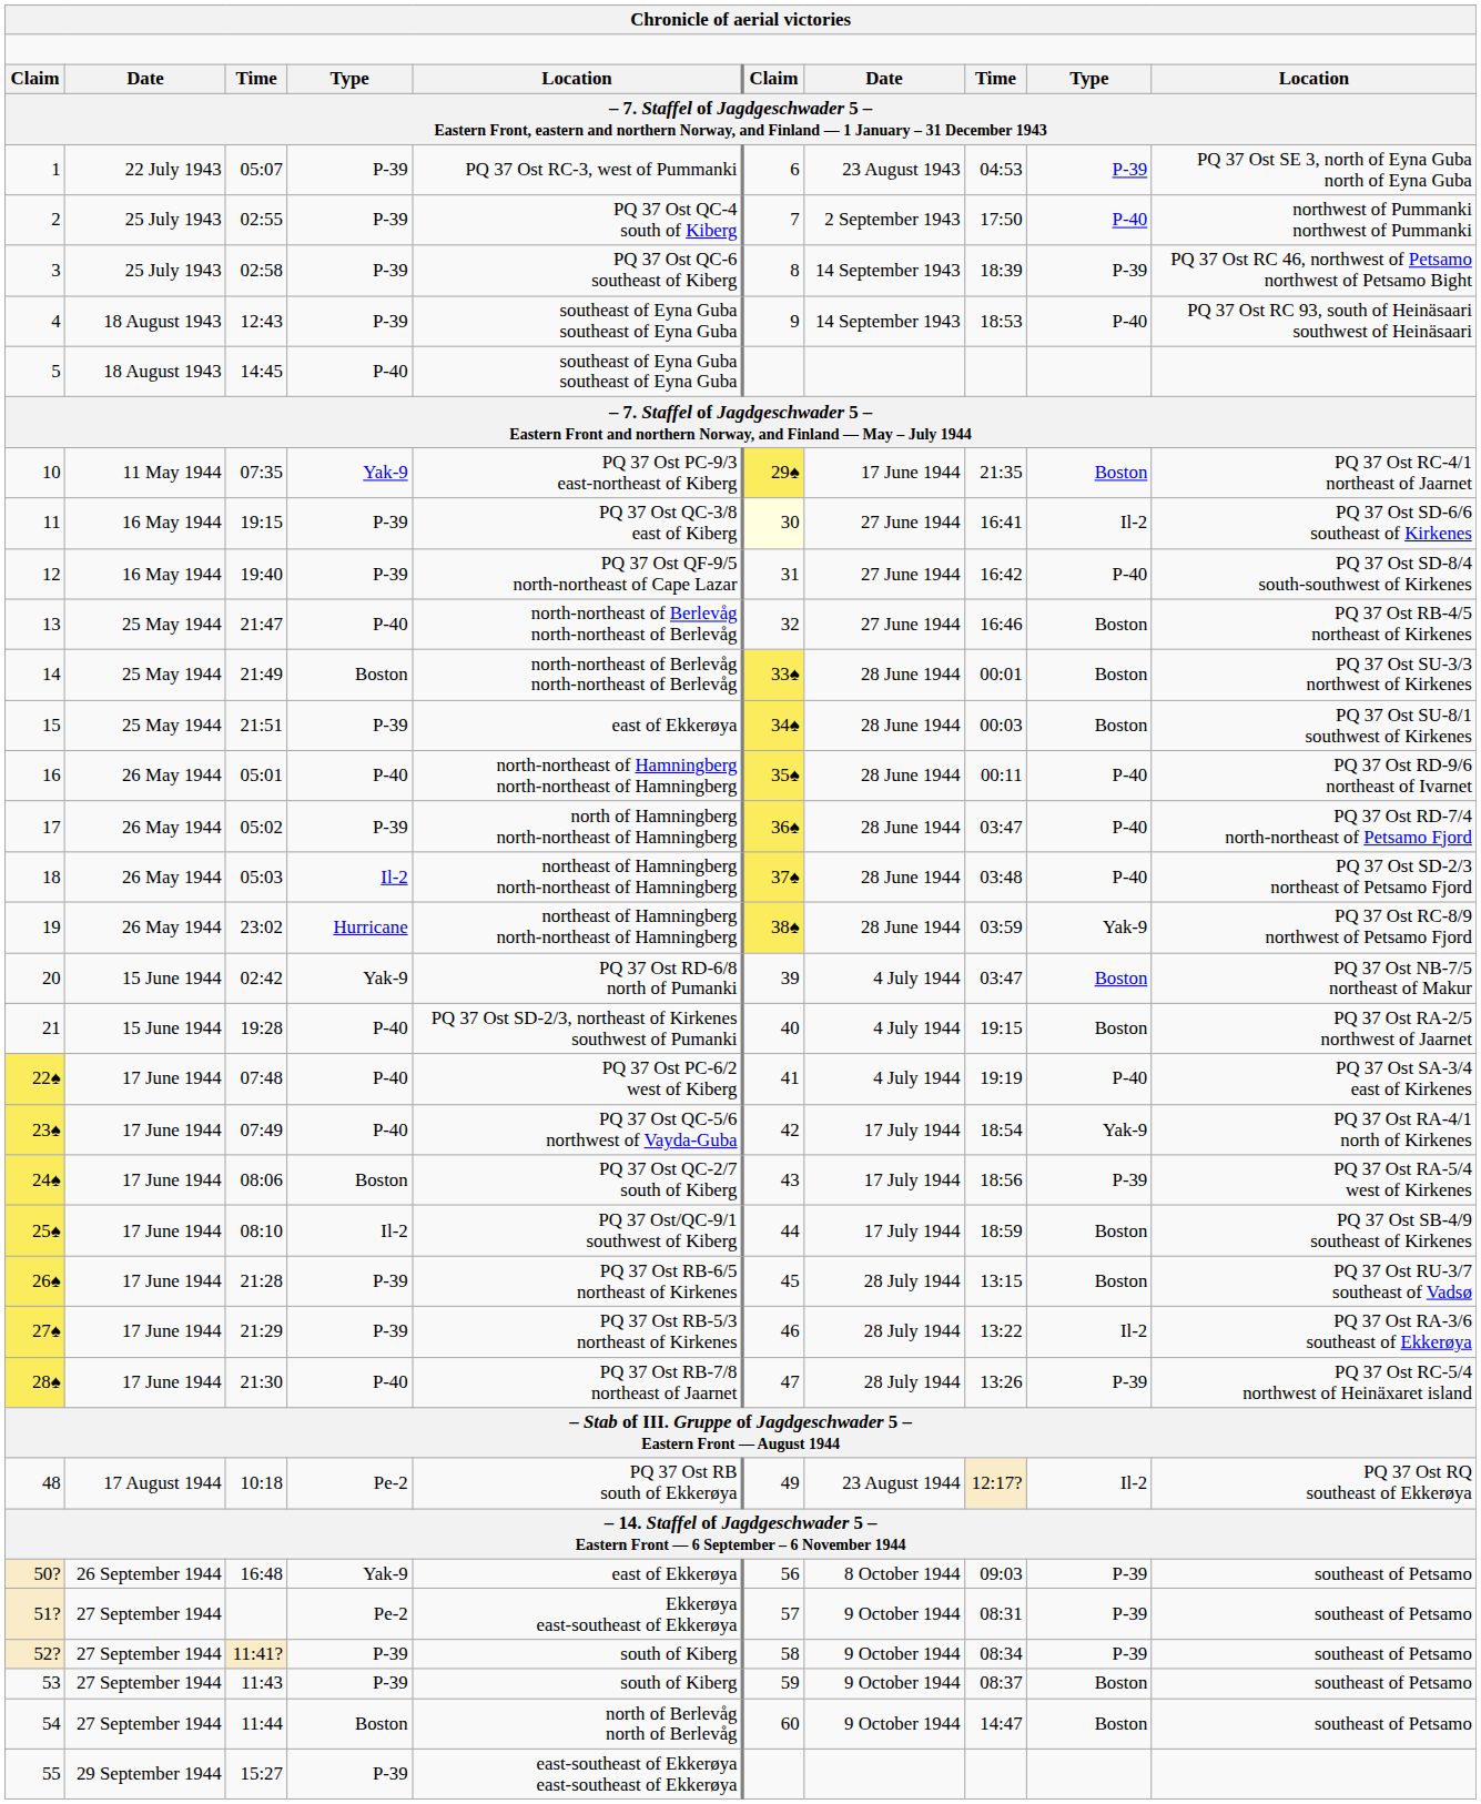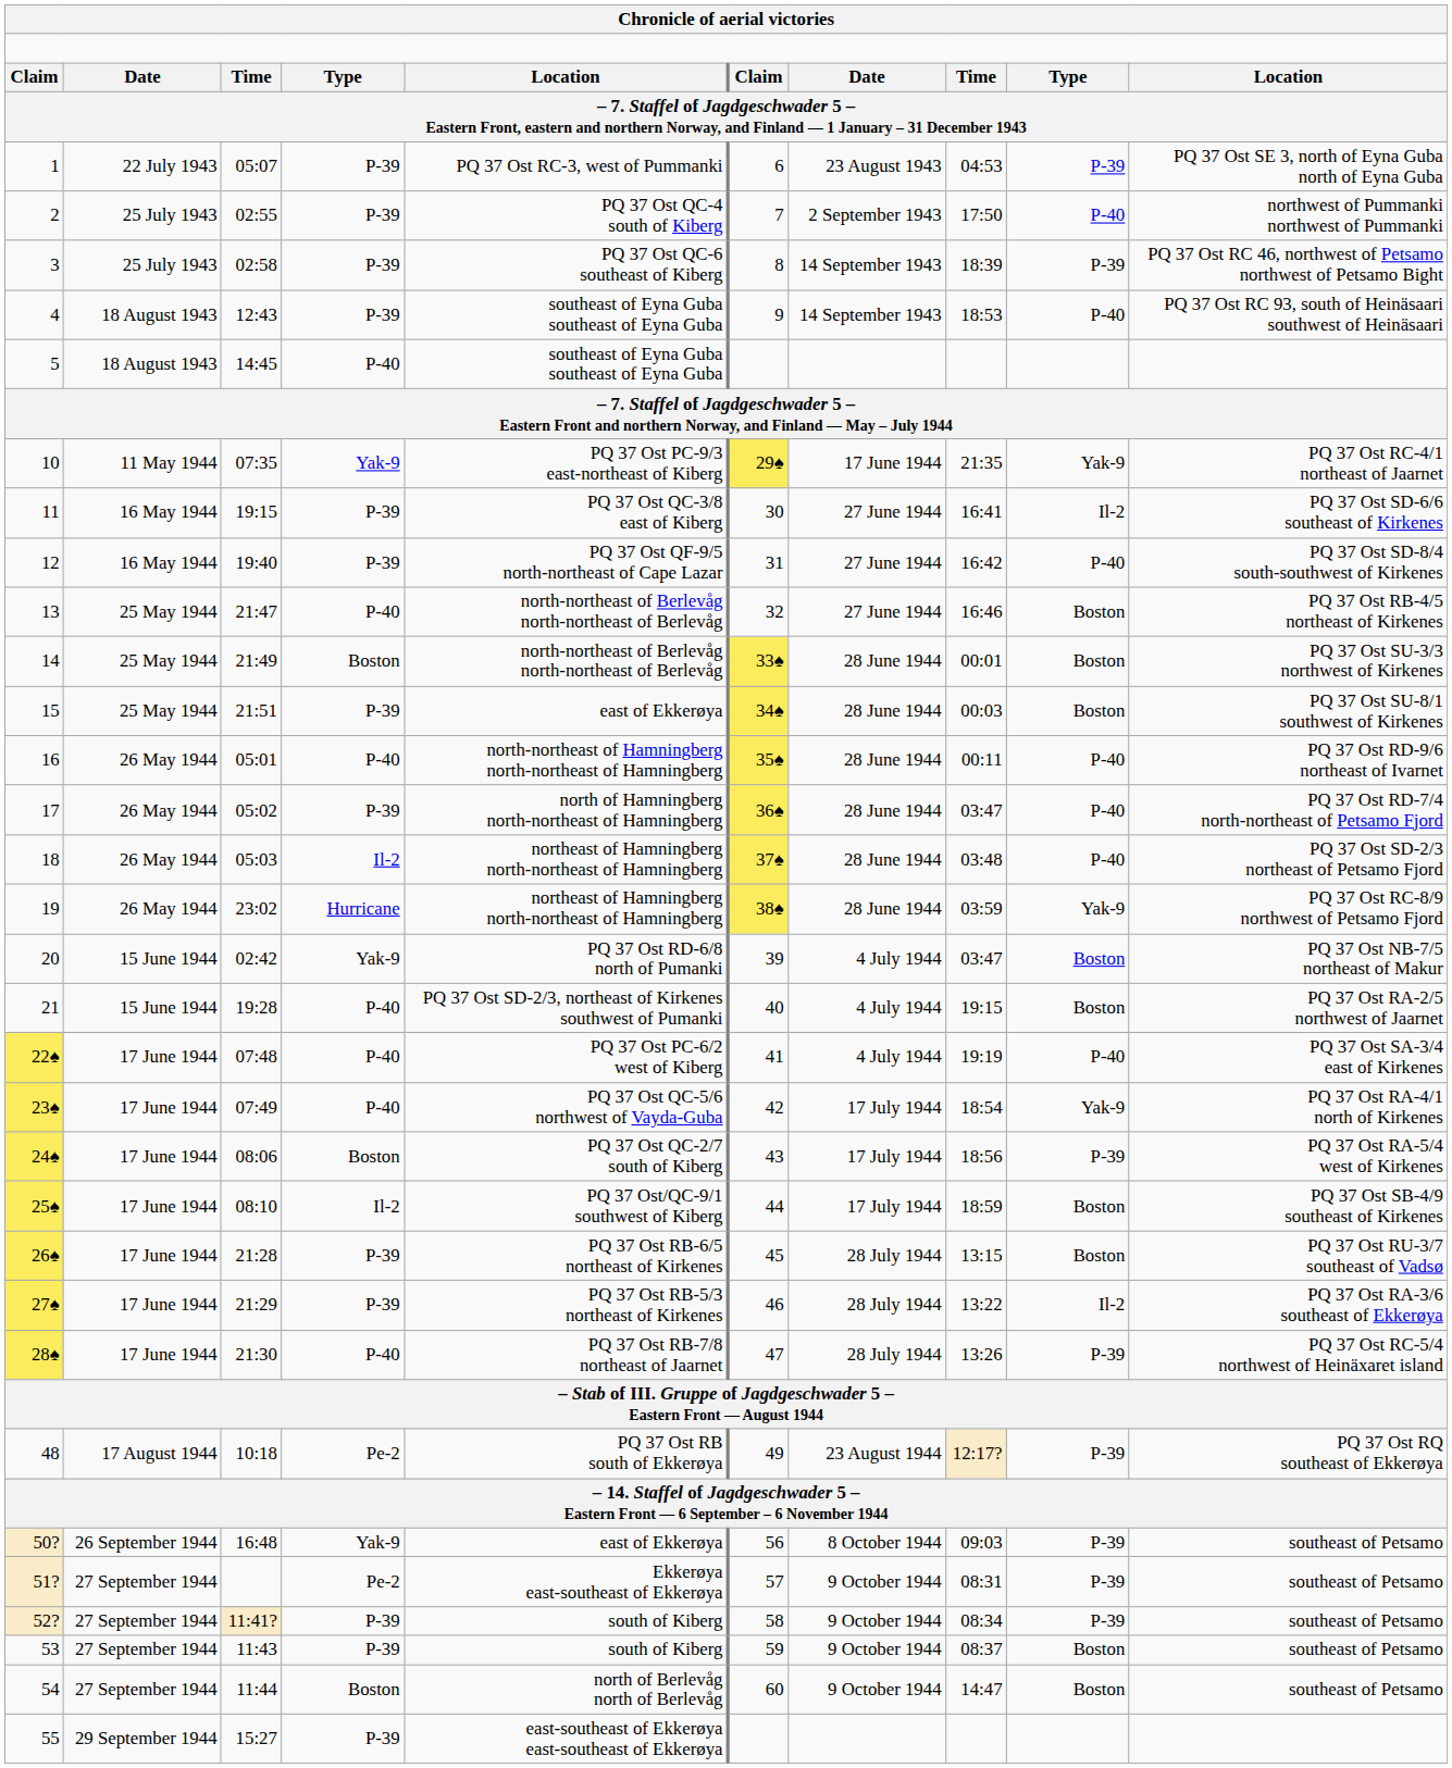 <table class="wikitable plainrowheaders collapsible" style="margin-left: auto; margin-right: auto; border: none; text-align:right; width: 100%;">
 <tr>
 <th colspan="10">Chronicle of aerial victories</th>
 </tr>
 <tr>
 <td colspan="10" style="text-align: left;"><br> </td>
 </tr>
 <tr>
 <th scope="col">Claim</th>
 <th scope="col">Date</th>
 <th scope="col">Time</th>
 <th scope="col" width="100px">Type</th>
 <th scope="col">Location</th>
 <th scope="col" style="border-left: 3px solid grey;">Claim</th>
 <th scope="col">Date</th>
 <th scope="col">Time</th>
 <th scope="col" width="100px">Type</th>
 <th scope="col">Location</th>
 </tr>
 <tr>
 <th colspan="10">– 7. <em>Staffel</em> of <em>Jagdgeschwader</em> 5 –<br><small>Eastern Front, eastern and northern Norway, and Finland — 1 January – 31 December 1943</small></th>
 </tr>
 <tr>
 <td>1</td>
 <td>22 July 1943</td>
 <td>05:07</td>
 <td>P-39</td>
 <td>PQ 37 Ost RC-3,  west of Pummanki</td>
 <td style="border-left: 3px solid grey;">6</td>
 <td>23 August 1943</td>
 <td>04:53</td>
 <td><a href='#'>P-39</a></td>
 <td>PQ 37 Ost SE 3, north of Eyna Guba<br> north of Eyna Guba</td>
 </tr>
 <tr>
 <td>2</td>
 <td>25 July 1943</td>
 <td>02:55</td>
 <td>P-39</td>
 <td>PQ 37 Ost QC-4<br> south of <a href='#'>Kiberg</a></td>
 <td style="border-left: 3px solid grey;">7</td>
 <td>2 September 1943</td>
 <td>17:50</td>
 <td><a href='#'>P-40</a></td>
 <td>northwest of Pummanki<br> northwest of Pummanki</td>
 </tr>
 <tr>
 <td>3</td>
 <td>25 July 1943</td>
 <td>02:58</td>
 <td>P-39</td>
 <td>PQ 37 Ost QC-6<br> southeast of Kiberg</td>
 <td style="border-left: 3px solid grey;">8</td>
 <td>14 September 1943</td>
 <td>18:39</td>
 <td>P-39</td>
 <td>PQ 37 Ost RC 46, northwest of <a href='#'>Petsamo</a><br> northwest of Petsamo Bight</td>
 </tr>
 <tr>
 <td>4</td>
 <td>18 August 1943</td>
 <td>12:43</td>
 <td>P-39</td>
 <td>southeast of Eyna Guba<br> southeast of Eyna Guba</td>
 <td style="border-left: 3px solid grey;">9</td>
 <td>14 September 1943</td>
 <td>18:53</td>
 <td>P-40</td>
 <td>PQ 37 Ost RC 93, south of Heinäsaari<br> southwest of Heinäsaari</td>
 </tr>
 <tr>
 <td>5</td>
 <td>18 August 1943</td>
 <td>14:45</td>
 <td>P-40</td>
 <td>southeast of Eyna Guba<br> southeast of Eyna Guba</td>
 <td style="border-left: 3px solid grey;"></td>
 <td></td>
 <td></td>
 <td></td>
 <td></td>
 </tr>
 <tr>
 <th colspan="10">– 7. <em>Staffel</em> of <em>Jagdgeschwader</em> 5 –<br><small>Eastern Front and northern Norway, and Finland — May – July 1944</small></th>
 </tr>
 <tr>
 <td>10</td>
 <td>11 May 1944</td>
 <td>07:35</td>
 <td><a href='#'>Yak-9</a></td>
 <td>PQ 37 Ost PC-9/3<br> east-northeast of Kiberg</td>
 <td style="border-left: 3px solid grey; background:#fbec5d;">29♠</td>
 <td>17 June 1944</td>
 <td>21:35</td>
-<td><a href='#'>Boston</a></td>
+<td>Yak-9</td>
 <td>PQ 37 Ost RC-4/1<br> northeast of Jaarnet</td>
 </tr>
 <tr>
 <td>11</td>
 <td>16 May 1944</td>
 <td>19:15</td>
 <td>P-39</td>
 <td>PQ 37 Ost QC-3/8<br> east of Kiberg</td>
-<td style="background: lightyellow; border-left: 3px solid grey;">30</td>
+<td style="border-left: 3px solid grey;">30</td>
 <td>27 June 1944</td>
 <td>16:41</td>
 <td>Il-2</td>
 <td>PQ 37 Ost SD-6/6<br> southeast of <a href='#'>Kirkenes</a></td>
 </tr>
 <tr>
 <td>12</td>
 <td>16 May 1944</td>
 <td>19:40</td>
 <td>P-39</td>
 <td>PQ 37 Ost QF-9/5<br> north-northeast of Cape Lazar</td>
 <td style="border-left: 3px solid grey;">31</td>
 <td>27 June 1944</td>
 <td>16:42</td>
 <td>P-40</td>
 <td>PQ 37 Ost SD-8/4<br> south-southwest of Kirkenes</td>
 </tr>
 <tr>
 <td>13</td>
 <td>25 May 1944</td>
 <td>21:47</td>
 <td>P-40</td>
 <td>north-northeast of <a href='#'>Berlevåg</a><br> north-northeast of Berlevåg</td>
 <td style="border-left: 3px solid grey;">32</td>
 <td>27 June 1944</td>
 <td>16:46</td>
 <td>Boston</td>
 <td>PQ 37 Ost RB-4/5<br> northeast of Kirkenes</td>
 </tr>
 <tr>
 <td>14</td>
 <td>25 May 1944</td>
 <td>21:49</td>
 <td>Boston</td>
 <td>north-northeast of Berlevåg<br> north-northeast of Berlevåg</td>
 <td style="border-left: 3px solid grey; background:#fbec5d;">33♠</td>
 <td>28 June 1944</td>
 <td>00:01</td>
 <td>Boston</td>
 <td>PQ 37 Ost SU-3/3<br> northwest of Kirkenes</td>
 </tr>
 <tr>
 <td>15</td>
 <td>25 May 1944</td>
 <td>21:51</td>
 <td>P-39</td>
 <td> east of Ekkerøya</td>
 <td style="border-left: 3px solid grey; background:#fbec5d;">34♠</td>
 <td>28 June 1944</td>
 <td>00:03</td>
 <td>Boston</td>
 <td>PQ 37 Ost SU-8/1<br> southwest of Kirkenes</td>
 </tr>
 <tr>
 <td>16</td>
 <td>26 May 1944</td>
 <td>05:01</td>
 <td>P-40</td>
 <td>north-northeast of <a href='#'>Hamningberg</a><br> north-northeast of Hamningberg</td>
 <td style="border-left: 3px solid grey; background:#fbec5d;">35♠</td>
 <td>28 June 1944</td>
 <td>00:11</td>
 <td>P-40</td>
 <td>PQ 37 Ost RD-9/6<br> northeast of Ivarnet</td>
 </tr>
 <tr>
 <td>17</td>
 <td>26 May 1944</td>
 <td>05:02</td>
 <td>P-39</td>
 <td>north of Hamningberg<br> north-northeast of Hamningberg</td>
 <td style="border-left: 3px solid grey; background:#fbec5d;">36♠</td>
 <td>28 June 1944</td>
 <td>03:47</td>
 <td>P-40</td>
 <td>PQ 37 Ost RD-7/4<br> north-northeast of <a href='#'>Petsamo Fjord</a></td>
 </tr>
 <tr>
 <td>18</td>
 <td>26 May 1944</td>
 <td>05:03</td>
 <td><a href='#'>Il-2</a></td>
 <td>northeast of Hamningberg<br> north-northeast of Hamningberg</td>
 <td style="border-left: 3px solid grey; background:#fbec5d;">37♠</td>
 <td>28 June 1944</td>
 <td>03:48</td>
 <td>P-40</td>
 <td>PQ 37 Ost SD-2/3<br> northeast of Petsamo Fjord</td>
 </tr>
 <tr>
 <td>19</td>
 <td>26 May 1944</td>
 <td>23:02</td>
 <td><a href='#'>Hurricane</a></td>
 <td>northeast of Hamningberg<br> north-northeast of Hamningberg</td>
 <td style="border-left: 3px solid grey; background:#fbec5d;">38♠</td>
 <td>28 June 1944</td>
 <td>03:59</td>
 <td>Yak-9</td>
 <td>PQ 37 Ost RC-8/9<br> northwest of Petsamo Fjord</td>
 </tr>
 <tr>
 <td>20</td>
 <td>15 June 1944</td>
 <td>02:42</td>
 <td>Yak-9</td>
 <td>PQ 37 Ost RD-6/8<br> north of Pumanki</td>
 <td style="border-left: 3px solid grey;">39</td>
 <td>4 July 1944</td>
 <td>03:47</td>
 <td><a href='#'>Boston</a></td>
 <td>PQ 37 Ost NB-7/5<br> northeast of Makur</td>
 </tr>
 <tr>
 <td>21</td>
 <td>15 June 1944</td>
 <td>19:28</td>
 <td>P-40</td>
 <td>PQ 37 Ost SD-2/3, northeast of Kirkenes<br> southwest of Pumanki</td>
 <td style="border-left: 3px solid grey;">40</td>
 <td>4 July 1944</td>
 <td>19:15</td>
 <td>Boston</td>
 <td>PQ 37 Ost RA-2/5<br> northwest of Jaarnet</td>
 </tr>
 <tr>
 <td style="background:#fbec5d;">22♠</td>
 <td>17 June 1944</td>
 <td>07:48</td>
 <td>P-40</td>
 <td>PQ 37 Ost PC-6/2<br> west of Kiberg</td>
 <td style="border-left: 3px solid grey;">41</td>
 <td>4 July 1944</td>
 <td>19:19</td>
 <td>P-40</td>
 <td>PQ 37 Ost SA-3/4<br> east of Kirkenes</td>
 </tr>
 <tr>
 <td style="background:#fbec5d;">23♠</td>
 <td>17 June 1944</td>
 <td>07:49</td>
 <td>P-40</td>
 <td>PQ 37 Ost QC-5/6<br> northwest of <a href='#'>Vayda-Guba</a></td>
 <td style="border-left: 3px solid grey;">42</td>
 <td>17 July 1944</td>
 <td>18:54</td>
 <td>Yak-9</td>
 <td>PQ 37 Ost RA-4/1<br> north of Kirkenes</td>
 </tr>
 <tr>
 <td style="background:#fbec5d;">24♠</td>
 <td>17 June 1944</td>
 <td>08:06</td>
 <td>Boston</td>
 <td>PQ 37 Ost QC-2/7<br> south of Kiberg</td>
 <td style="border-left: 3px solid grey;">43</td>
 <td>17 July 1944</td>
 <td>18:56</td>
 <td>P-39</td>
 <td>PQ 37 Ost RA-5/4<br> west of Kirkenes</td>
 </tr>
 <tr>
 <td style="background:#fbec5d;">25♠</td>
 <td>17 June 1944</td>
 <td>08:10</td>
 <td>Il-2</td>
 <td>PQ 37 Ost/QC-9/1<br> southwest of Kiberg</td>
 <td style="border-left: 3px solid grey;">44</td>
 <td>17 July 1944</td>
 <td>18:59</td>
 <td>Boston</td>
 <td>PQ 37 Ost SB-4/9<br> southeast of Kirkenes</td>
 </tr>
 <tr>
 <td style="background:#fbec5d;">26♠</td>
 <td>17 June 1944</td>
 <td>21:28</td>
 <td>P-39</td>
 <td>PQ 37 Ost RB-6/5<br> northeast of Kirkenes</td>
 <td style="border-left: 3px solid grey;">45</td>
 <td>28 July 1944</td>
 <td>13:15</td>
 <td>Boston</td>
 <td>PQ 37 Ost RU-3/7<br> southeast of <a href='#'>Vadsø</a></td>
 </tr>
 <tr>
 <td style="background:#fbec5d;">27♠</td>
 <td>17 June 1944</td>
 <td>21:29</td>
 <td>P-39</td>
 <td>PQ 37 Ost RB-5/3<br> northeast of Kirkenes</td>
 <td style="border-left: 3px solid grey;">46</td>
 <td>28 July 1944</td>
 <td>13:22</td>
 <td>Il-2</td>
 <td>PQ 37 Ost RA-3/6<br> southeast of <a href='#'>Ekkerøya</a></td>
 </tr>
 <tr>
 <td style="background:#fbec5d;">28♠</td>
 <td>17 June 1944</td>
 <td>21:30</td>
 <td>P-40</td>
 <td>PQ 37 Ost RB-7/8<br> northeast of Jaarnet</td>
 <td style="border-left: 3px solid grey;">47</td>
 <td>28 July 1944</td>
 <td>13:26</td>
 <td>P-39</td>
 <td>PQ 37 Ost RC-5/4<br> northwest of Heinäxaret island</td>
 </tr>
 <tr>
 <th colspan="10">– <em>Stab</em> of III. <em>Gruppe</em> of <em>Jagdgeschwader</em> 5 –<br><small>Eastern Front — August 1944</small></th>
 </tr>
 <tr>
 <td>48</td>
 <td>17 August 1944</td>
 <td>10:18</td>
 <td>Pe-2</td>
 <td>PQ 37 Ost RB<br> south of Ekkerøya</td>
 <td style="border-left: 3px solid grey;">49</td>
 <td>23 August 1944</td>
 <td style="background:#faecc8">12:17?</td>
-<td>Il-2</td>
+<td>P-39</td>
 <td>PQ 37 Ost RQ<br> southeast of Ekkerøya</td>
 </tr>
 <tr>
 <th colspan="10">– 14. <em>Staffel</em> of <em>Jagdgeschwader</em> 5 –<br><small>Eastern Front — 6 September – 6 November 1944</small></th>
 </tr>
 <tr>
 <td style="background:#faecc8">50?</td>
 <td>26 September 1944</td>
 <td>16:48</td>
 <td>Yak-9</td>
 <td> east of Ekkerøya</td>
 <td style="border-left: 3px solid grey;">56</td>
 <td>8 October 1944</td>
 <td>09:03</td>
 <td>P-39</td>
 <td> southeast of Petsamo</td>
 </tr>
 <tr>
 <td style="background:#faecc8">51?</td>
 <td>27 September 1944</td>
 <td></td>
 <td>Pe-2</td>
 <td>Ekkerøya<br> east-southeast of Ekkerøya</td>
 <td style="border-left: 3px solid grey;">57</td>
 <td>9 October 1944</td>
 <td>08:31</td>
 <td>P-39</td>
 <td> southeast of Petsamo</td>
 </tr>
 <tr>
 <td style="background:#faecc8">52?</td>
 <td>27 September 1944</td>
 <td style="background:#faecc8">11:41?</td>
 <td>P-39</td>
 <td> south of Kiberg</td>
 <td style="border-left: 3px solid grey;">58</td>
 <td>9 October 1944</td>
 <td>08:34</td>
 <td>P-39</td>
 <td> southeast of Petsamo</td>
 </tr>
 <tr>
 <td>53</td>
 <td>27 September 1944</td>
 <td>11:43</td>
 <td>P-39</td>
 <td> south of Kiberg</td>
 <td style="border-left: 3px solid grey;">59</td>
 <td>9 October 1944</td>
 <td>08:37</td>
 <td>Boston</td>
 <td> southeast of Petsamo</td>
 </tr>
 <tr>
 <td>54</td>
 <td>27 September 1944</td>
 <td>11:44</td>
 <td>Boston</td>
 <td>north of Berlevåg<br> north of Berlevåg</td>
 <td style="border-left: 3px solid grey;">60</td>
 <td>9 October 1944</td>
 <td>14:47</td>
 <td>Boston</td>
 <td> southeast of Petsamo</td>
 </tr>
 <tr>
 <td>55</td>
 <td>29 September 1944</td>
 <td>15:27</td>
 <td>P-39</td>
 <td> east-southeast of Ekkerøya<br> east-southeast of Ekkerøya</td>
 <td style="border-left: 3px solid grey;"></td>
 <td></td>
 <td></td>
 <td></td>
 <td></td>
 </tr>
 </table>
